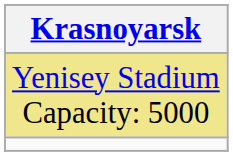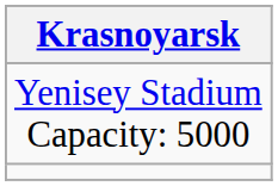 <table class="wikitable" style="text-align:center;">
 <tr>
 <th><a href='#'>Krasnoyarsk</a></th>
 </tr>
 <tr>
-<td style="background: khaki;"><a href='#'>Yenisey Stadium</a><br>Capacity: 5000</td>
+<td><a href='#'>Yenisey Stadium</a><br>Capacity: 5000</td>
 </tr>
 <tr>
 <td></td>
 </tr>
 </table>
